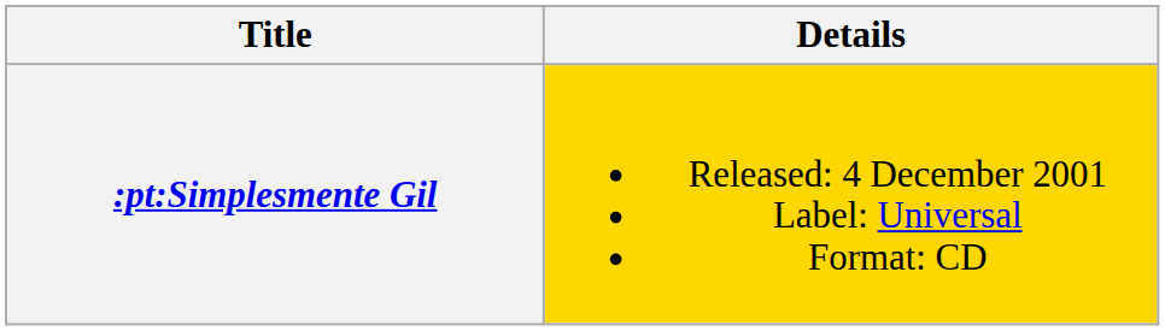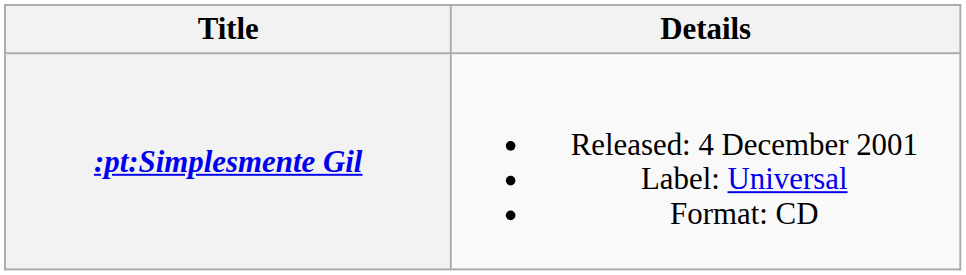 <table class="wikitable plainrowheaders" style="text-align:center;">
 <tr>
 <th scope="col" style="width:14em;">Title</th>
 <th scope="col" style="width:16em;">Details</th>
 </tr>
 <tr>
 <th scope="row"><em><a href='#'>:pt:Simplesmente Gil</a></em></th>
-<td style="background: gold;"><br><ul><li>Released: 4 December 2001</li><li>Label: <a href='#'>Universal</a></li><li>Format: CD</li></ul></td>
+<td><br><ul><li>Released: 4 December 2001</li><li>Label: <a href='#'>Universal</a></li><li>Format: CD</li></ul></td>
 </tr>
 </table>
